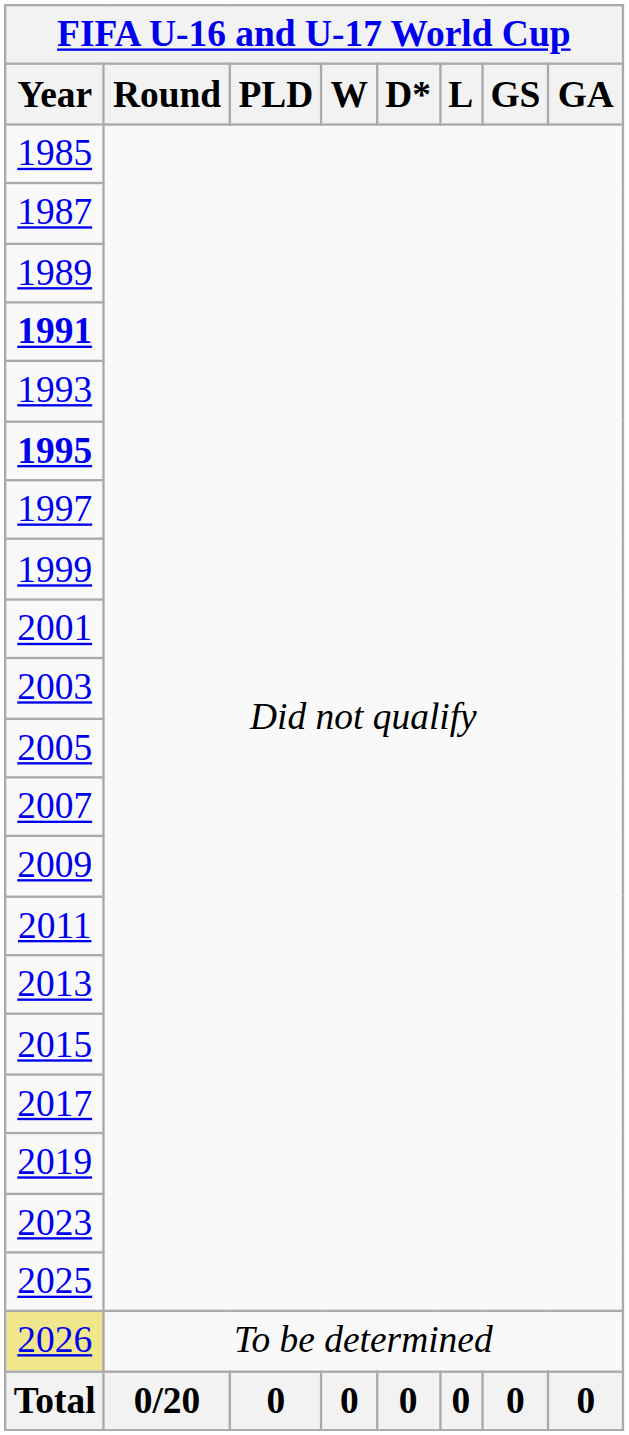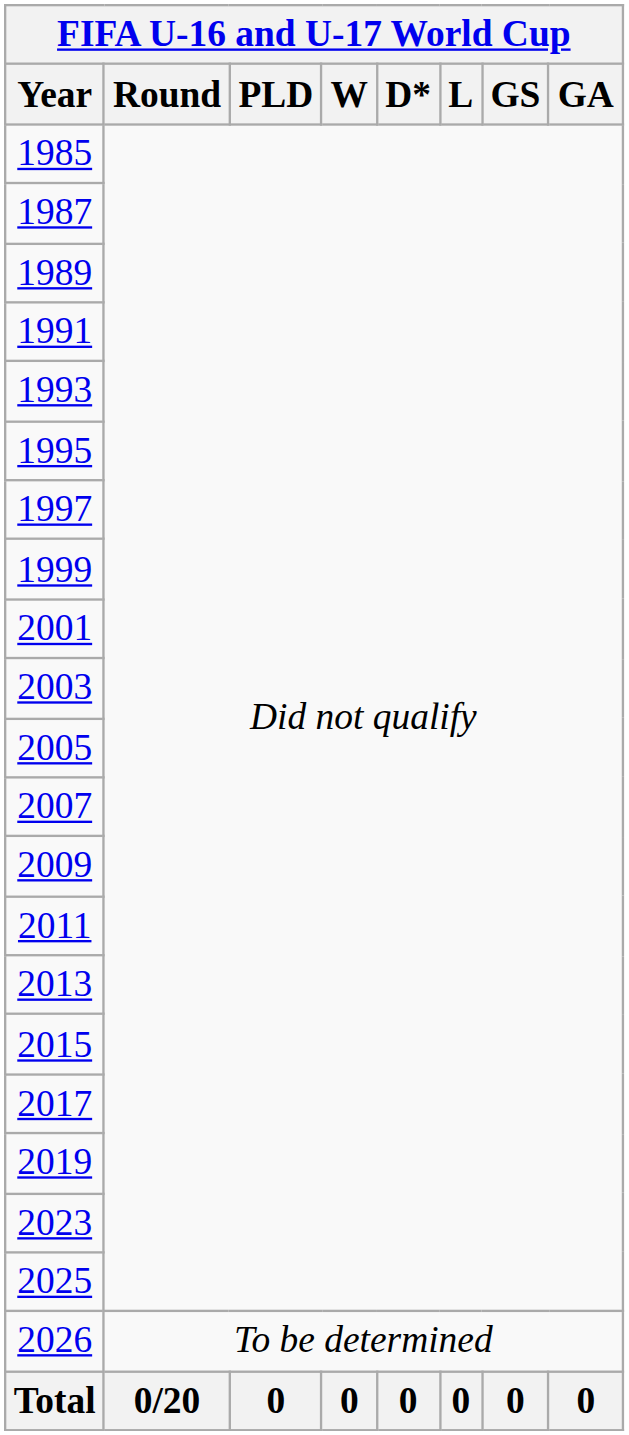 <table class="wikitable" style="text-align: center;">
 <tr>
 <th colspan=8><a href='#'>FIFA U-16 and U-17 World Cup</a></th>
 </tr>
 <tr>
 <th>Year</th>
 <th>Round</th>
 <th>PLD</th>
 <th>W</th>
 <th>D*</th>
 <th>L</th>
 <th>GS</th>
 <th>GA</th>
 </tr>
 <tr>
 <td> <a href='#'>1985</a></td>
 <td colspan=7 rowspan=20><em>Did not qualify</em></td>
 </tr>
 <tr>
 <td> <a href='#'>1987</a></td>
 </tr>
 <tr>
 <td> <a href='#'>1989</a></td>
 </tr>
 <tr>
-<td><strong> <a href='#'>1991</a></strong></td>
+<td> <a href='#'>1991</a></td>
 </tr>
 <tr>
 <td> <a href='#'>1993</a></td>
 </tr>
 <tr>
-<td><strong> <a href='#'>1995</a></strong></td>
+<td> <a href='#'>1995</a></td>
 </tr>
 <tr>
 <td> <a href='#'>1997</a></td>
 </tr>
 <tr>
 <td> <a href='#'>1999</a></td>
 </tr>
 <tr>
 <td> <a href='#'>2001</a></td>
 </tr>
 <tr>
 <td> <a href='#'>2003</a></td>
 </tr>
 <tr>
 <td> <a href='#'>2005</a></td>
 </tr>
 <tr>
 <td> <a href='#'>2007</a></td>
 </tr>
 <tr>
 <td> <a href='#'>2009</a></td>
 </tr>
 <tr>
 <td> <a href='#'>2011</a></td>
 </tr>
 <tr>
 <td> <a href='#'>2013</a></td>
 </tr>
 <tr>
 <td> <a href='#'>2015</a></td>
 </tr>
 <tr>
 <td> <a href='#'>2017</a></td>
 </tr>
 <tr>
 <td> <a href='#'>2019</a></td>
 </tr>
 <tr>
 <td> <a href='#'>2023</a></td>
 </tr>
 <tr>
 <td> <a href='#'>2025</a></td>
 </tr>
 <tr>
-<td style="background: khaki;"> <a href='#'>2026</a></td>
+<td> <a href='#'>2026</a></td>
 <td colspan=7><em>To be determined</em></td>
 </tr>
 <tr>
 <th>Total</th>
 <th>0/20</th>
 <th>0</th>
 <th>0</th>
 <th>0</th>
 <th>0</th>
 <th>0</th>
 <th>0</th>
 </tr>
 </table>
